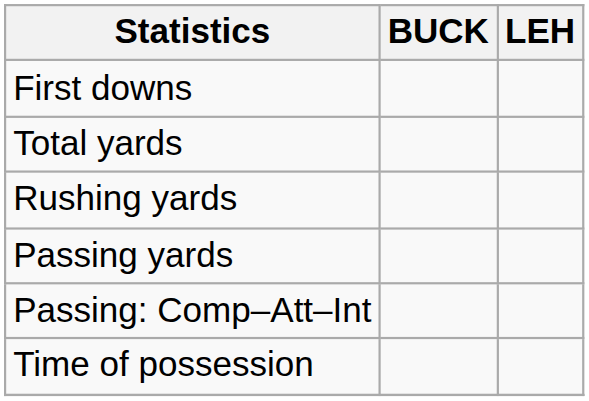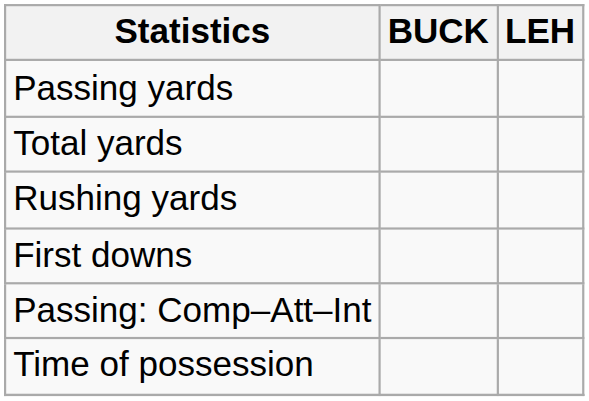 <table class="wikitable" style="float: left;">
 <tr>
 <th>Statistics</th>
 <th>BUCK</th>
 <th>LEH</th>
 </tr>
 <tr>
-<td>First downs</td>
+<td>Passing yards</td>
 <td></td>
 <td></td>
 </tr>
 <tr>
 <td>Total yards</td>
 <td></td>
 <td></td>
 </tr>
 <tr>
 <td>Rushing yards</td>
 <td></td>
 <td></td>
 </tr>
 <tr>
-<td>Passing yards</td>
+<td>First downs</td>
 <td></td>
 <td></td>
 </tr>
 <tr>
 <td>Passing: Comp–Att–Int</td>
 <td></td>
 <td></td>
 </tr>
 <tr>
 <td>Time of possession</td>
 <td></td>
 <td></td>
 </tr>
 <tr>
 </tr>
 </table>
